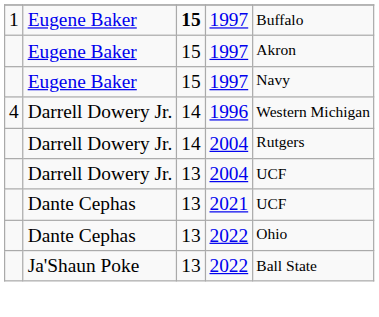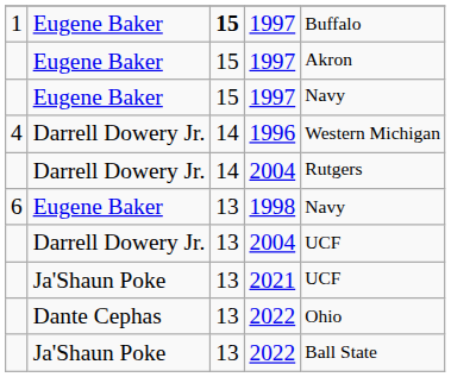 <table class="wikitable" style="display:inline-table;">
 <tr>
 </tr>
 <tr>
 <td>1</td>
 <td><a href='#'>Eugene Baker</a></td>
 <td><strong>15</strong></td>
 <td><a href='#'>1997</a></td>
 <td style="font-size:80%;">Buffalo</td>
 </tr>
 <tr>
 <td></td>
 <td><a href='#'>Eugene Baker</a></td>
 <td>15</td>
 <td><a href='#'>1997</a></td>
 <td style="font-size:80%;">Akron</td>
 </tr>
 <tr>
 <td></td>
 <td><a href='#'>Eugene Baker</a></td>
 <td>15</td>
 <td><a href='#'>1997</a></td>
 <td style="font-size:80%;">Navy</td>
 </tr>
 <tr>
 <td>4</td>
 <td>Darrell Dowery Jr.</td>
 <td>14</td>
 <td><a href='#'>1996</a></td>
 <td style="font-size:80%;">Western Michigan</td>
 </tr>
 <tr>
 <td></td>
 <td>Darrell Dowery Jr.</td>
 <td>14</td>
 <td><a href='#'>2004</a></td>
 <td style="font-size:80%;">Rutgers</td>
 </tr>
 <tr>
+<td>6</td>
+<td><a href='#'>Eugene Baker</a></td>
+<td>13</td>
+<td><a href='#'>1998</a></td>
+<td style="font-size:80%;">Navy</td>
+</tr>
+<tr>
 <td></td>
 <td>Darrell Dowery Jr.</td>
 <td>13</td>
 <td><a href='#'>2004</a></td>
 <td style="font-size:80%;">UCF</td>
 </tr>
 <tr>
 <td></td>
-<td>Dante Cephas</td>
+<td>Ja'Shaun Poke</td>
 <td>13</td>
 <td><a href='#'>2021</a></td>
 <td style="font-size:80%;">UCF</td>
 </tr>
 <tr>
 <td></td>
 <td>Dante Cephas</td>
 <td>13</td>
 <td><a href='#'>2022</a></td>
 <td style="font-size:80%;">Ohio</td>
 </tr>
 <tr>
 <td></td>
 <td>Ja'Shaun Poke</td>
 <td>13</td>
 <td><a href='#'>2022</a></td>
 <td style="font-size:80%;">Ball State</td>
 </tr>
 </table>
